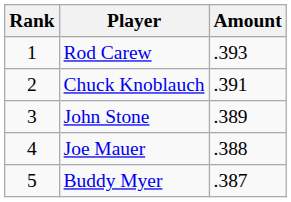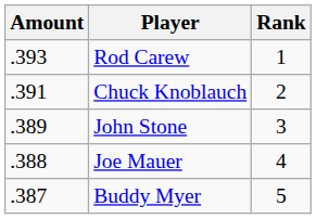 <table class="wikitable" style="font-size: 95%; text-align:left;">
 <tr>
+<th>Amount</th>
+<th>Player</th>
 <th>Rank</th>
-<th>Player</th>
-<th>Amount</th>
 </tr>
 <tr>
+<td>.393</td>
+<td><a href='#'>Rod Carew</a></td>
 <td align="center">1</td>
-<td><a href='#'>Rod Carew</a></td>
-<td>.393</td>
 </tr>
 <tr>
+<td>.391</td>
+<td><a href='#'>Chuck Knoblauch</a></td>
 <td align="center">2</td>
-<td><a href='#'>Chuck Knoblauch</a></td>
-<td>.391</td>
 </tr>
 <tr>
+<td>.389</td>
+<td><a href='#'>John Stone</a></td>
 <td align="center">3</td>
-<td><a href='#'>John Stone</a></td>
-<td>.389</td>
 </tr>
 <tr>
+<td>.388</td>
+<td><a href='#'>Joe Mauer</a></td>
 <td align="center">4</td>
-<td><a href='#'>Joe Mauer</a></td>
-<td>.388</td>
 </tr>
 <tr>
+<td>.387</td>
+<td><a href='#'>Buddy Myer</a></td>
 <td align="center">5</td>
-<td><a href='#'>Buddy Myer</a></td>
-<td>.387</td>
 </tr>
 </table>
